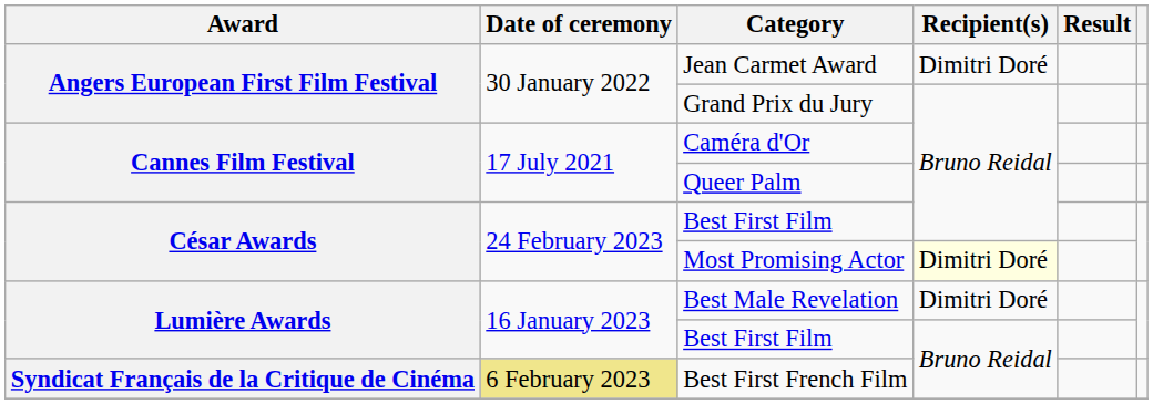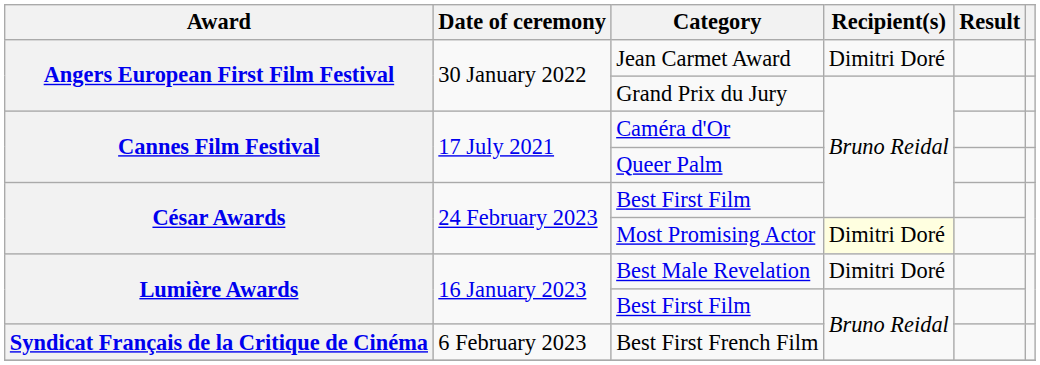 <table class="wikitable sortable plainrowheaders">
 <tr>
 <th scope="col">Award</th>
 <th scope="col">Date of ceremony</th>
 <th scope="col">Category</th>
 <th scope="col">Recipient(s)</th>
 <th scope="col">Result</th>
 <th scope="col" class="unsortable"></th>
 </tr>
 <tr>
 <th rowspan="2" scope="row"><a href='#'>Angers European First Film Festival</a></th>
 <td rowspan="2">30 January 2022</td>
 <td>Jean Carmet Award</td>
 <td>Dimitri Doré</td>
 <td></td>
 <td align="center"></td>
 </tr>
 <tr>
 <td>Grand Prix du Jury</td>
 <td rowspan="4"><em>Bruno Reidal</em></td>
 <td></td>
 <td align="center"></td>
 </tr>
 <tr>
 <th rowspan="2" scope="row"><a href='#'>Cannes Film Festival</a></th>
 <td rowspan="2"><a href='#'>17 July 2021</a></td>
 <td><a href='#'>Caméra d'Or</a></td>
 <td></td>
 <td align="center"></td>
 </tr>
 <tr>
 <td><a href='#'>Queer Palm</a></td>
 <td></td>
 <td align="center"></td>
 </tr>
 <tr>
 <th rowspan="2" scope="row"><a href='#'>César Awards</a></th>
 <td rowspan="2"><a href='#'>24 February 2023</a></td>
 <td><a href='#'>Best First Film</a></td>
 <td></td>
 <td rowspan="2" align="center"></td>
 </tr>
 <tr>
 <td><a href='#'>Most Promising Actor</a></td>
 <td style="background: lightyellow;">Dimitri Doré</td>
 <td></td>
 </tr>
 <tr>
 <th rowspan="2" scope="row"><a href='#'>Lumière Awards</a></th>
 <td rowspan="2"><a href='#'>16 January 2023</a></td>
 <td><a href='#'>Best Male Revelation</a></td>
 <td>Dimitri Doré</td>
 <td></td>
 <td rowspan="2" align="center"></td>
 </tr>
 <tr>
 <td><a href='#'>Best First Film</a></td>
 <td rowspan="2"><em>Bruno Reidal</em></td>
 <td></td>
 </tr>
 <tr>
 <th scope="row"><a href='#'>Syndicat Français de la Critique de Cinéma</a></th>
-<td style="background: khaki;">6 February 2023</td>
+<td>6 February 2023</td>
 <td>Best First French Film</td>
 <td></td>
 <td align="center"></td>
 </tr>
 <tr>
 </tr>
 </table>
